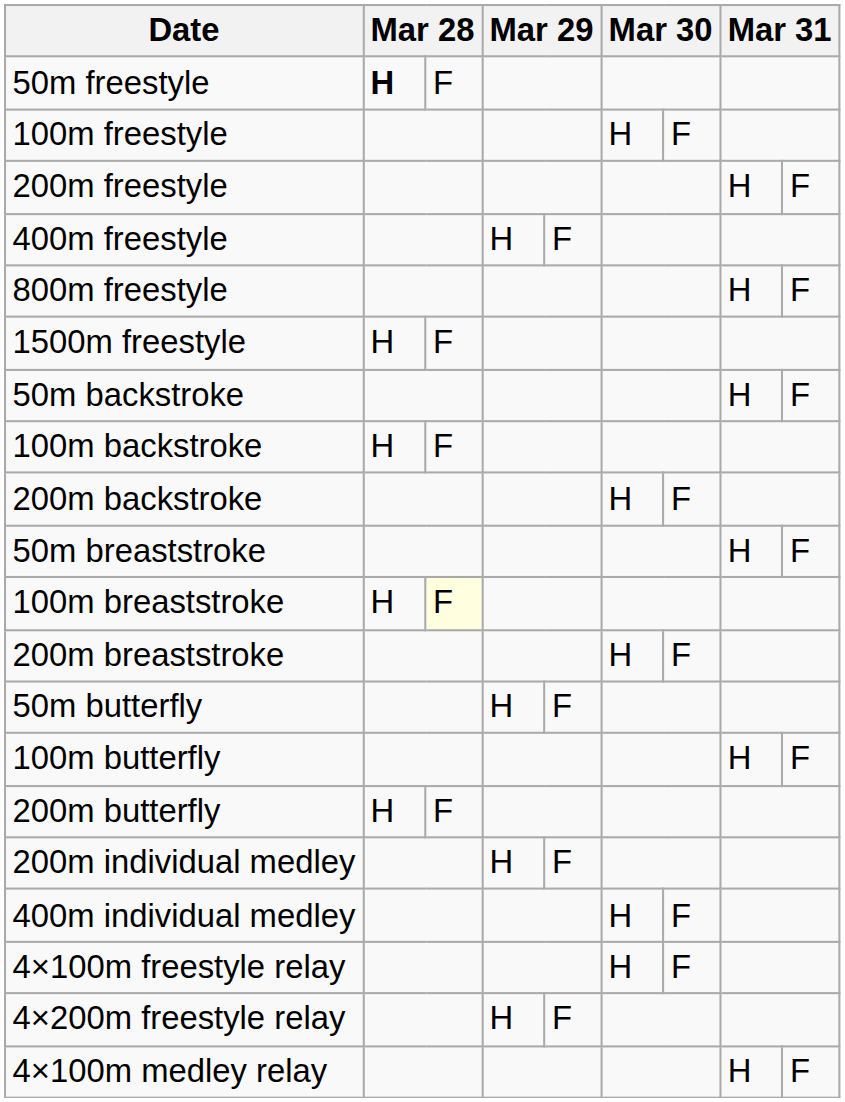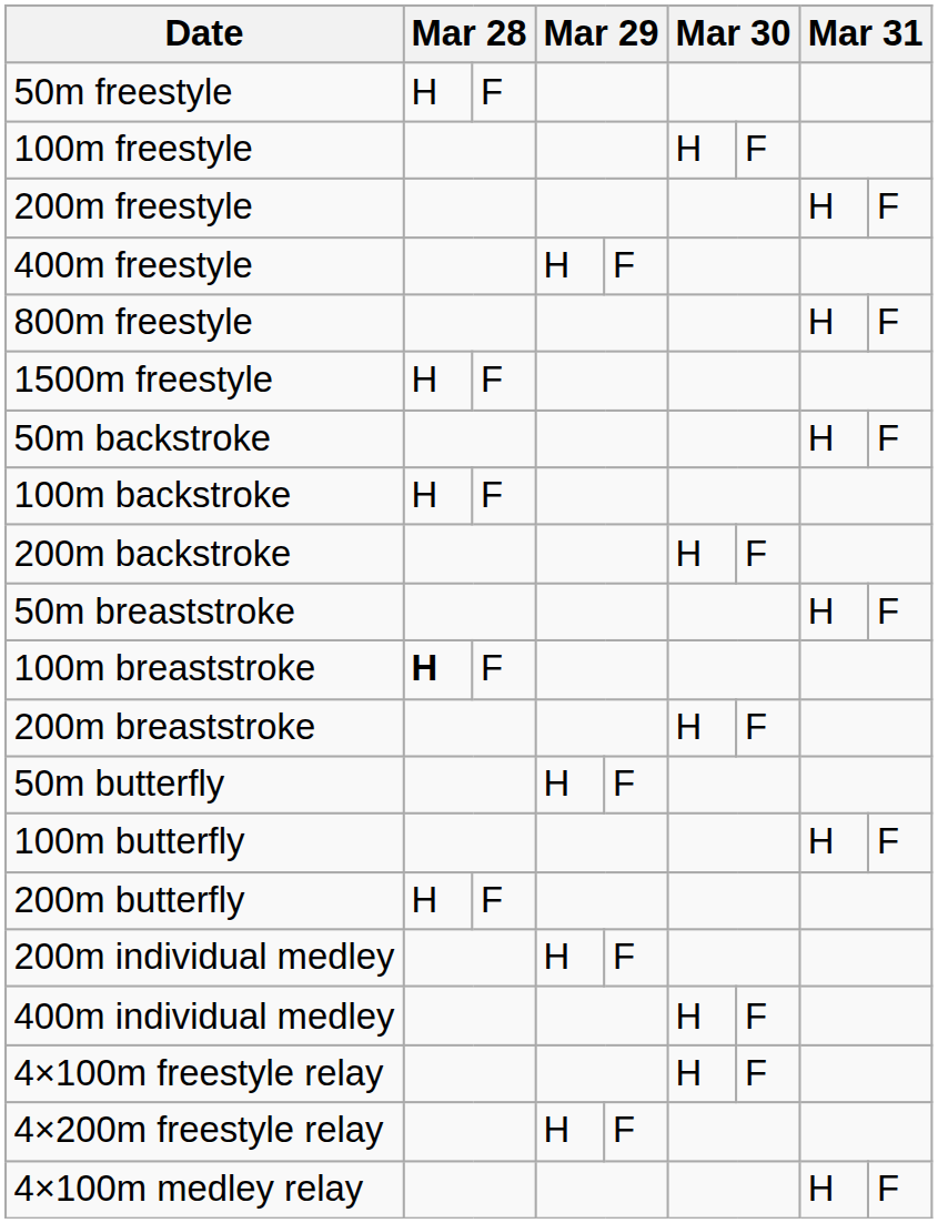 <table class="wikitable swimming-schedule">
 <tr>
 <th scope="row">Date</th>
 <th scope="col" colspan="2">Mar 28</th>
 <th scope="col" colspan="2">Mar 29</th>
 <th scope="col" colspan="2">Mar 30</th>
 <th scope="col" colspan="2">Mar 31</th>
 </tr>
 <tr>
 <td class="event">50m freestyle</td>
-<td class="heats"><strong>H</strong></td>
+<td class="heats">H</td>
 <td class="final">F</td>
 <td colspan=2></td>
 <td colspan=2></td>
 <td colspan=2></td>
 </tr>
 <tr>
 <td class="event">100m freestyle</td>
 <td colspan=2></td>
 <td colspan=2></td>
 <td class="heats">H</td>
 <td class="final">F</td>
 <td colspan=2></td>
 </tr>
 <tr>
 <td class="event">200m freestyle</td>
 <td colspan=2></td>
 <td colspan=2></td>
 <td colspan=2></td>
 <td class="heats">H</td>
 <td class="final">F</td>
 </tr>
 <tr>
 <td class="event">400m freestyle</td>
 <td colspan=2></td>
 <td class="heats">H</td>
 <td class="final">F</td>
 <td colspan=2></td>
 <td colspan=2></td>
 </tr>
 <tr>
 <td class="event">800m freestyle</td>
 <td colspan=2></td>
 <td colspan=2></td>
 <td colspan=2></td>
 <td class="heats">H</td>
 <td class="final">F</td>
 </tr>
 <tr>
 <td class="event">1500m freestyle</td>
 <td class="heats">H</td>
 <td class="final">F</td>
 <td colspan=2></td>
 <td colspan=2></td>
 <td colspan=2></td>
 </tr>
 <tr>
 <td class="event">50m backstroke</td>
 <td colspan=2></td>
 <td colspan=2></td>
 <td colspan=2></td>
 <td class="heats">H</td>
 <td class="final">F</td>
 </tr>
 <tr>
 <td class="event">100m backstroke</td>
 <td class="heats">H</td>
 <td class="final">F</td>
 <td colspan=2></td>
 <td colspan=2></td>
 <td colspan=2></td>
 </tr>
 <tr>
 <td class="event">200m backstroke</td>
 <td colspan=2></td>
 <td colspan=2></td>
 <td class="heats">H</td>
 <td class="final">F</td>
 <td colspan=2></td>
 </tr>
 <tr>
 <td class="event">50m breaststroke</td>
 <td colspan=2></td>
 <td colspan=2></td>
 <td colspan=2></td>
 <td class="heats">H</td>
 <td class="final">F</td>
 </tr>
 <tr>
 <td class="event">100m breaststroke</td>
-<td class="heats">H</td>
-<td class="final" style="background: lightyellow;">F</td>
+<td class="heats"><strong>H</strong></td>
+<td class="final">F</td>
 <td colspan=2></td>
 <td colspan=2></td>
 <td colspan=2></td>
 </tr>
 <tr>
 <td class="event">200m breaststroke</td>
 <td colspan=2></td>
 <td colspan=2></td>
 <td class="heats">H</td>
 <td class="final">F</td>
 <td colspan=2></td>
 </tr>
 <tr>
 <td class="event">50m butterfly</td>
 <td colspan=2></td>
 <td class="heats">H</td>
 <td class="final">F</td>
 <td colspan=2></td>
 <td colspan=2></td>
 </tr>
 <tr>
 <td class="event">100m butterfly</td>
 <td colspan=2></td>
 <td colspan=2></td>
 <td colspan=2></td>
 <td class="heats">H</td>
 <td class="final">F</td>
 </tr>
 <tr>
 <td class="event">200m butterfly</td>
 <td class="heats">H</td>
 <td class="final">F</td>
 <td colspan=2></td>
 <td colspan=2></td>
 <td colspan=2></td>
 </tr>
 <tr>
 <td class="event">200m individual medley</td>
 <td colspan=2></td>
 <td class="heats">H</td>
 <td class="final">F</td>
 <td colspan=2></td>
 <td colspan=2></td>
 </tr>
 <tr>
 <td class="event">400m individual medley</td>
 <td colspan=2></td>
 <td colspan=2></td>
 <td class="heats">H</td>
 <td class="final">F</td>
 <td colspan=2></td>
 </tr>
 <tr>
 <td class="event">4×100m freestyle relay</td>
 <td colspan=2></td>
 <td colspan=2></td>
 <td class="heats">H</td>
 <td class="final">F</td>
 <td colspan=2></td>
 </tr>
 <tr>
 <td class="event">4×200m freestyle relay</td>
 <td colspan=2></td>
 <td class="heats">H</td>
 <td class="final">F</td>
 <td colspan=2></td>
 <td colspan=2></td>
 </tr>
 <tr>
 <td class="event">4×100m medley relay</td>
 <td colspan=2></td>
 <td colspan=2></td>
 <td colspan=2></td>
 <td class="heats">H</td>
 <td class="final">F</td>
 </tr>
 </table>
